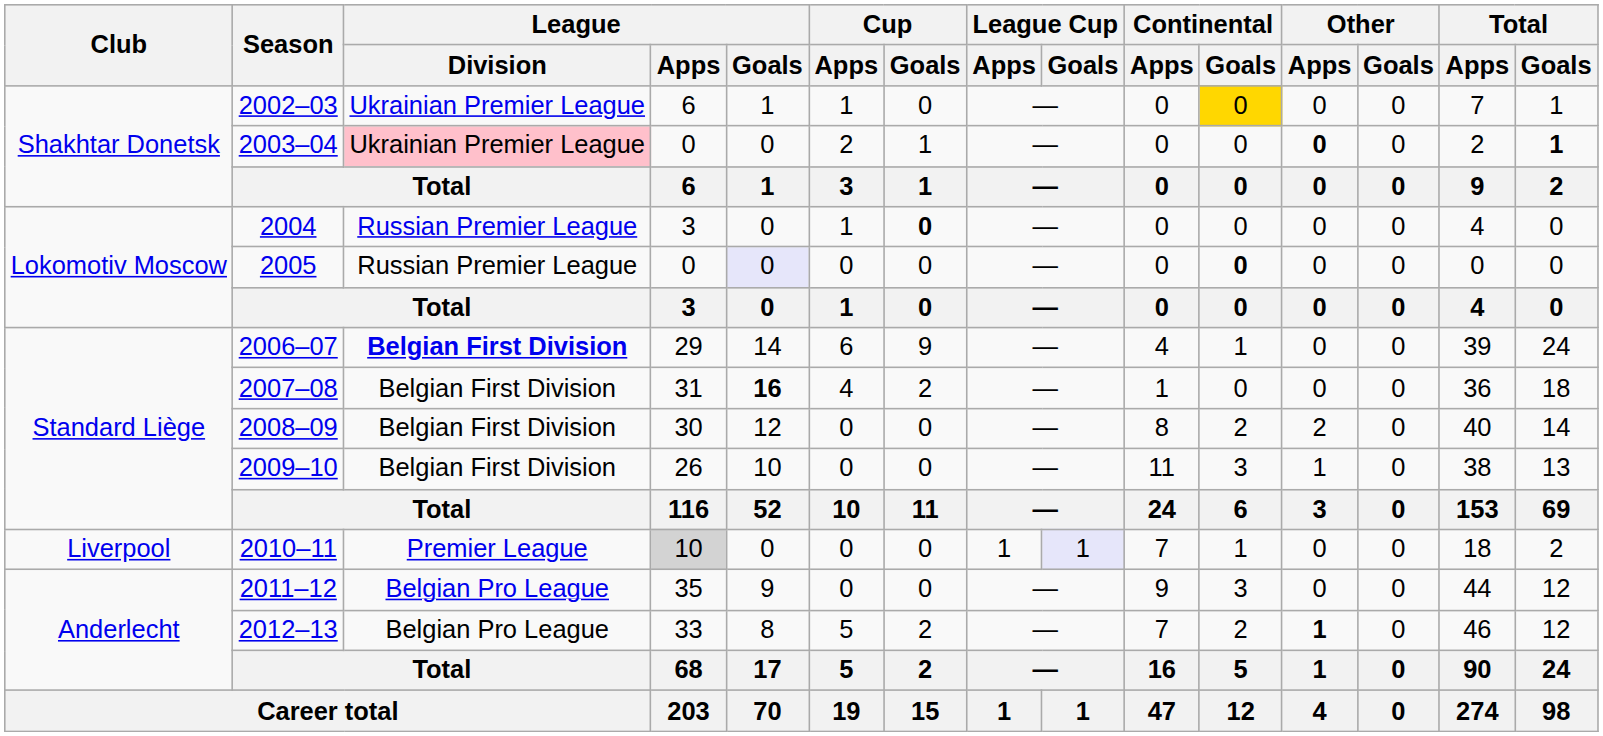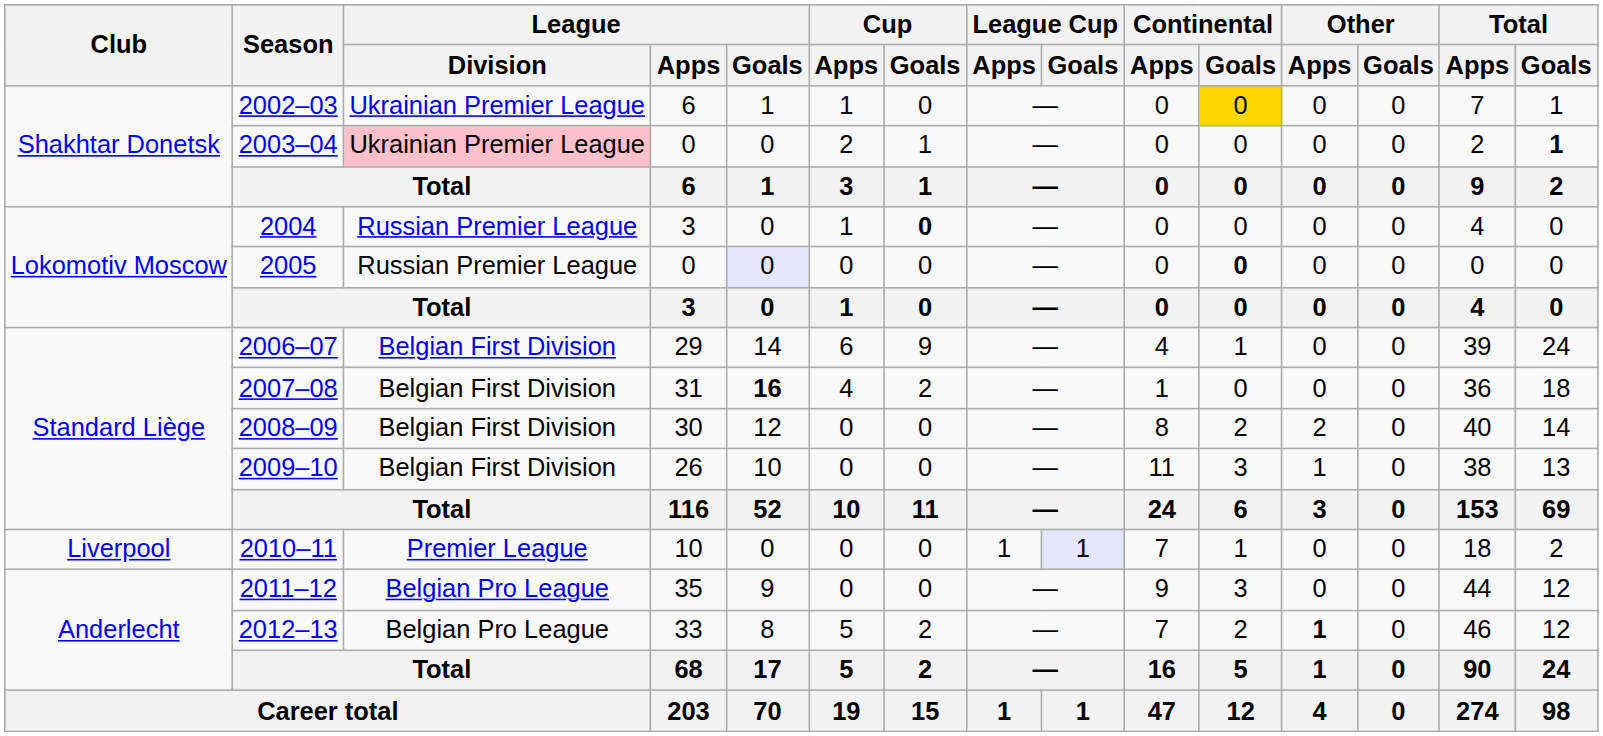 <table class="wikitable" style="text-align:center">
 <tr>
 <th rowspan="2">Club</th>
 <th rowspan="2">Season</th>
 <th colspan="3">League</th>
 <th colspan="2">Cup</th>
 <th colspan="2">League Cup</th>
 <th colspan="2">Continental</th>
 <th colspan="2">Other</th>
 <th colspan="2">Total</th>
 </tr>
 <tr>
 <th>Division</th>
 <th>Apps</th>
 <th>Goals</th>
 <th>Apps</th>
 <th>Goals</th>
 <th>Apps</th>
 <th>Goals</th>
 <th>Apps</th>
 <th>Goals</th>
 <th>Apps</th>
 <th>Goals</th>
 <th>Apps</th>
 <th>Goals</th>
 </tr>
 <tr>
 <td rowspan="3"><a href='#'>Shakhtar Donetsk</a></td>
 <td><a href='#'>2002–03</a></td>
 <td><a href='#'>Ukrainian Premier League</a></td>
 <td>6</td>
 <td>1</td>
 <td>1</td>
 <td>0</td>
 <td colspan="2">—</td>
 <td>0</td>
 <td style="background: gold;">0</td>
 <td>0</td>
 <td>0</td>
 <td>7</td>
 <td>1</td>
 </tr>
 <tr>
 <td><a href='#'>2003–04</a></td>
 <td style="background: pink;">Ukrainian Premier League</td>
 <td>0</td>
 <td>0</td>
 <td>2</td>
 <td>1</td>
 <td colspan="2">—</td>
 <td>0</td>
 <td>0</td>
-<td><strong>0</strong></td>
+<td>0</td>
 <td>0</td>
 <td>2</td>
 <td><strong>1</strong></td>
 </tr>
 <tr>
 <th colspan="2">Total</th>
 <th>6</th>
 <th>1</th>
 <th>3</th>
 <th>1</th>
 <th colspan="2">—</th>
 <th>0</th>
 <th>0</th>
 <th>0</th>
 <th>0</th>
 <th>9</th>
 <th>2</th>
 </tr>
 <tr>
 <td rowspan="3"><a href='#'>Lokomotiv Moscow</a></td>
 <td><a href='#'>2004</a></td>
 <td><a href='#'>Russian Premier League</a></td>
 <td>3</td>
 <td>0</td>
 <td>1</td>
 <td><strong>0</strong></td>
 <td colspan="2">—</td>
 <td>0</td>
 <td>0</td>
 <td>0</td>
 <td>0</td>
 <td>4</td>
 <td>0</td>
 </tr>
 <tr>
 <td><a href='#'>2005</a></td>
 <td>Russian Premier League</td>
 <td>0</td>
 <td style="background: lavender;">0</td>
 <td>0</td>
 <td>0</td>
 <td colspan="2">—</td>
 <td>0</td>
 <td><strong>0</strong></td>
 <td>0</td>
 <td>0</td>
 <td>0</td>
 <td>0</td>
 </tr>
 <tr>
 <th colspan="2">Total</th>
 <th>3</th>
 <th>0</th>
 <th>1</th>
 <th>0</th>
 <th colspan="2">—</th>
 <th>0</th>
 <th>0</th>
 <th>0</th>
 <th>0</th>
 <th>4</th>
 <th>0</th>
 </tr>
 <tr>
 <td rowspan="5"><a href='#'>Standard Liège</a></td>
 <td><a href='#'>2006–07</a></td>
-<td><strong><a href='#'>Belgian First Division</a></strong></td>
+<td><a href='#'>Belgian First Division</a></td>
 <td>29</td>
 <td>14</td>
 <td>6</td>
 <td>9</td>
 <td colspan="2">—</td>
 <td>4</td>
 <td>1</td>
 <td>0</td>
 <td>0</td>
 <td>39</td>
 <td>24</td>
 </tr>
 <tr>
 <td><a href='#'>2007–08</a></td>
 <td>Belgian First Division</td>
 <td>31</td>
 <td><strong>16</strong></td>
 <td>4</td>
 <td>2</td>
 <td colspan="2">—</td>
 <td>1</td>
 <td>0</td>
 <td>0</td>
 <td>0</td>
 <td>36</td>
 <td>18</td>
 </tr>
 <tr>
 <td><a href='#'>2008–09</a></td>
 <td>Belgian First Division</td>
 <td>30</td>
 <td>12</td>
 <td>0</td>
 <td>0</td>
 <td colspan="2">—</td>
 <td>8</td>
 <td>2</td>
 <td>2</td>
 <td>0</td>
 <td>40</td>
 <td>14</td>
 </tr>
 <tr>
 <td><a href='#'>2009–10</a></td>
 <td>Belgian First Division</td>
 <td>26</td>
 <td>10</td>
 <td>0</td>
 <td>0</td>
 <td colspan="2">—</td>
 <td>11</td>
 <td>3</td>
 <td>1</td>
 <td>0</td>
 <td>38</td>
 <td>13</td>
 </tr>
 <tr>
 <th colspan="2">Total</th>
 <th>116</th>
 <th>52</th>
 <th>10</th>
 <th>11</th>
 <th colspan="2">—</th>
 <th>24</th>
 <th>6</th>
 <th>3</th>
 <th>0</th>
 <th>153</th>
 <th>69</th>
 </tr>
 <tr>
 <td><a href='#'>Liverpool</a></td>
 <td><a href='#'>2010–11</a></td>
 <td><a href='#'>Premier League</a></td>
-<td style="background: lightgrey;">10</td>
+<td>10</td>
 <td>0</td>
 <td>0</td>
 <td>0</td>
 <td>1</td>
 <td style="background: lavender;">1</td>
 <td>7</td>
 <td>1</td>
 <td>0</td>
 <td>0</td>
 <td>18</td>
 <td>2</td>
 </tr>
 <tr>
 <td rowspan="3"><a href='#'>Anderlecht</a></td>
 <td><a href='#'>2011–12</a></td>
 <td><a href='#'>Belgian Pro League</a></td>
 <td>35</td>
 <td>9</td>
 <td>0</td>
 <td>0</td>
 <td colspan="2">—</td>
 <td>9</td>
 <td>3</td>
 <td>0</td>
 <td>0</td>
 <td>44</td>
 <td>12</td>
 </tr>
 <tr>
 <td><a href='#'>2012–13</a></td>
 <td>Belgian Pro League</td>
 <td>33</td>
 <td>8</td>
 <td>5</td>
 <td>2</td>
 <td colspan="2">—</td>
 <td>7</td>
 <td>2</td>
 <td><strong>1</strong></td>
 <td>0</td>
 <td>46</td>
 <td>12</td>
 </tr>
 <tr>
 <th colspan="2">Total</th>
 <th>68</th>
 <th>17</th>
 <th>5</th>
 <th>2</th>
 <th colspan="2">—</th>
 <th>16</th>
 <th>5</th>
 <th>1</th>
 <th>0</th>
 <th>90</th>
 <th>24</th>
 </tr>
 <tr>
 <th colspan="3">Career total</th>
 <th>203</th>
 <th>70</th>
 <th>19</th>
 <th>15</th>
 <th>1</th>
 <th>1</th>
 <th>47</th>
 <th>12</th>
 <th>4</th>
 <th>0</th>
 <th>274</th>
 <th>98</th>
 </tr>
 </table>
